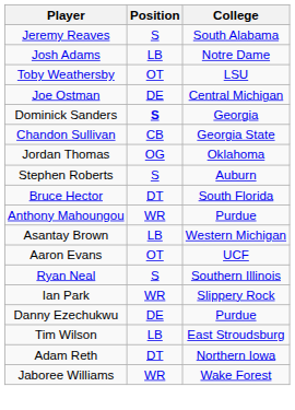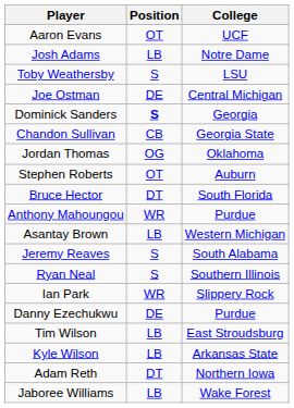 <table class="wikitable sortable" style="font-size: 95%; text-align: center">
 <tr>
 <th>Player</th>
 <th>Position</th>
 <th>College</th>
 </tr>
 <tr>
-<td><a href='#'>Jeremy Reaves</a></td>
-<td><a href='#'>S</a></td>
-<td><a href='#'>South Alabama</a></td>
+<td>Aaron Evans</td>
+<td><a href='#'>OT</a></td>
+<td><a href='#'>UCF</a></td>
 </tr>
 <tr>
 <td><a href='#'>Josh Adams</a></td>
 <td><a href='#'>LB</a></td>
 <td><a href='#'>Notre Dame</a></td>
 </tr>
 <tr>
 <td><a href='#'>Toby Weathersby</a></td>
-<td><a href='#'>OT</a></td>
+<td><a href='#'>S</a></td>
 <td><a href='#'>LSU</a></td>
 </tr>
 <tr>
 <td><a href='#'>Joe Ostman</a></td>
 <td><a href='#'>DE</a></td>
 <td><a href='#'>Central Michigan</a></td>
 </tr>
 <tr>
 <td>Dominick Sanders</td>
 <td><strong><a href='#'>S</a></strong></td>
 <td><a href='#'>Georgia</a></td>
 </tr>
 <tr>
 <td><a href='#'>Chandon Sullivan</a></td>
 <td><a href='#'>CB</a></td>
 <td><a href='#'>Georgia State</a></td>
 </tr>
 <tr>
 <td>Jordan Thomas</td>
 <td><a href='#'>OG</a></td>
 <td><a href='#'>Oklahoma</a></td>
 </tr>
 <tr>
 <td>Stephen Roberts</td>
-<td><a href='#'>S</a></td>
+<td><a href='#'>OT</a></td>
 <td><a href='#'>Auburn</a></td>
 </tr>
 <tr>
 <td><a href='#'>Bruce Hector</a></td>
 <td><a href='#'>DT</a></td>
 <td><a href='#'>South Florida</a></td>
 </tr>
 <tr>
 <td><a href='#'>Anthony Mahoungou</a></td>
 <td><a href='#'>WR</a></td>
 <td><a href='#'>Purdue</a></td>
 </tr>
 <tr>
 <td>Asantay Brown</td>
 <td><a href='#'>LB</a></td>
 <td><a href='#'>Western Michigan</a></td>
 </tr>
 <tr>
-<td>Aaron Evans</td>
-<td><a href='#'>OT</a></td>
-<td><a href='#'>UCF</a></td>
+<td><a href='#'>Jeremy Reaves</a></td>
+<td><a href='#'>S</a></td>
+<td><a href='#'>South Alabama</a></td>
 </tr>
 <tr>
 <td><a href='#'>Ryan Neal</a></td>
 <td><a href='#'>S</a></td>
 <td><a href='#'>Southern Illinois</a></td>
 </tr>
 <tr>
 <td>Ian Park</td>
 <td><a href='#'>WR</a></td>
 <td><a href='#'>Slippery Rock</a></td>
 </tr>
 <tr>
 <td>Danny Ezechukwu</td>
 <td><a href='#'>DE</a></td>
 <td><a href='#'>Purdue</a></td>
 </tr>
 <tr>
 <td>Tim Wilson</td>
 <td><a href='#'>LB</a></td>
 <td><a href='#'>East Stroudsburg</a></td>
 </tr>
 <tr>
+<td><a href='#'>Kyle Wilson</a></td>
+<td><a href='#'>LB</a></td>
+<td><a href='#'>Arkansas State</a></td>
+</tr>
+<tr>
 <td>Adam Reth</td>
 <td><a href='#'>DT</a></td>
 <td><a href='#'>Northern Iowa</a></td>
 </tr>
 <tr>
 <td>Jaboree Williams</td>
-<td><a href='#'>WR</a></td>
+<td><a href='#'>LB</a></td>
 <td><a href='#'>Wake Forest</a></td>
 </tr>
 </table>
